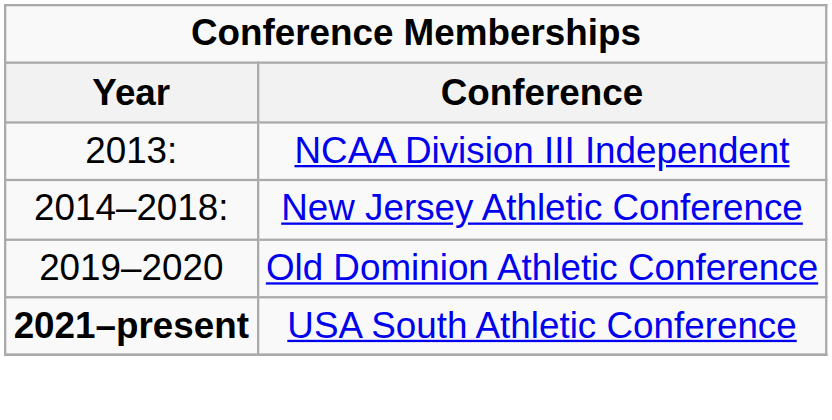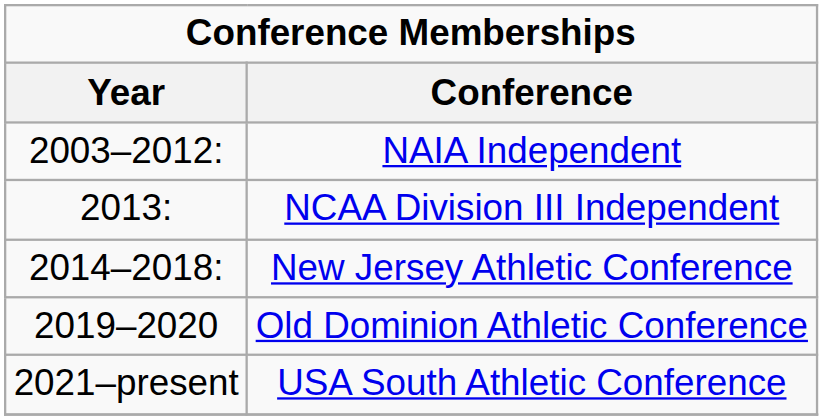 <table class="wikitable sortable" style="text-align:center">
 <tr>
 <td colspan="2"><strong>Conference Memberships</strong></td>
 </tr>
 <tr>
 <th>Year</th>
 <th>Conference</th>
+</tr>
+<tr>
+<td>2003–2012:</td>
+<td><a href='#'>NAIA Independent</a></td>
 </tr>
 <tr>
 <td>2013:</td>
 <td><a href='#'>NCAA Division III Independent</a></td>
 </tr>
 <tr>
 <td>2014–2018:</td>
 <td><a href='#'>New Jersey Athletic Conference</a></td>
 </tr>
 <tr>
 <td>2019–2020</td>
 <td><a href='#'>Old Dominion Athletic Conference</a></td>
 </tr>
 <tr>
-<td><strong>2021–present</strong></td>
+<td>2021–present</td>
 <td><a href='#'>USA South Athletic Conference</a></td>
 </tr>
 <tr>
 </tr>
 </table>
